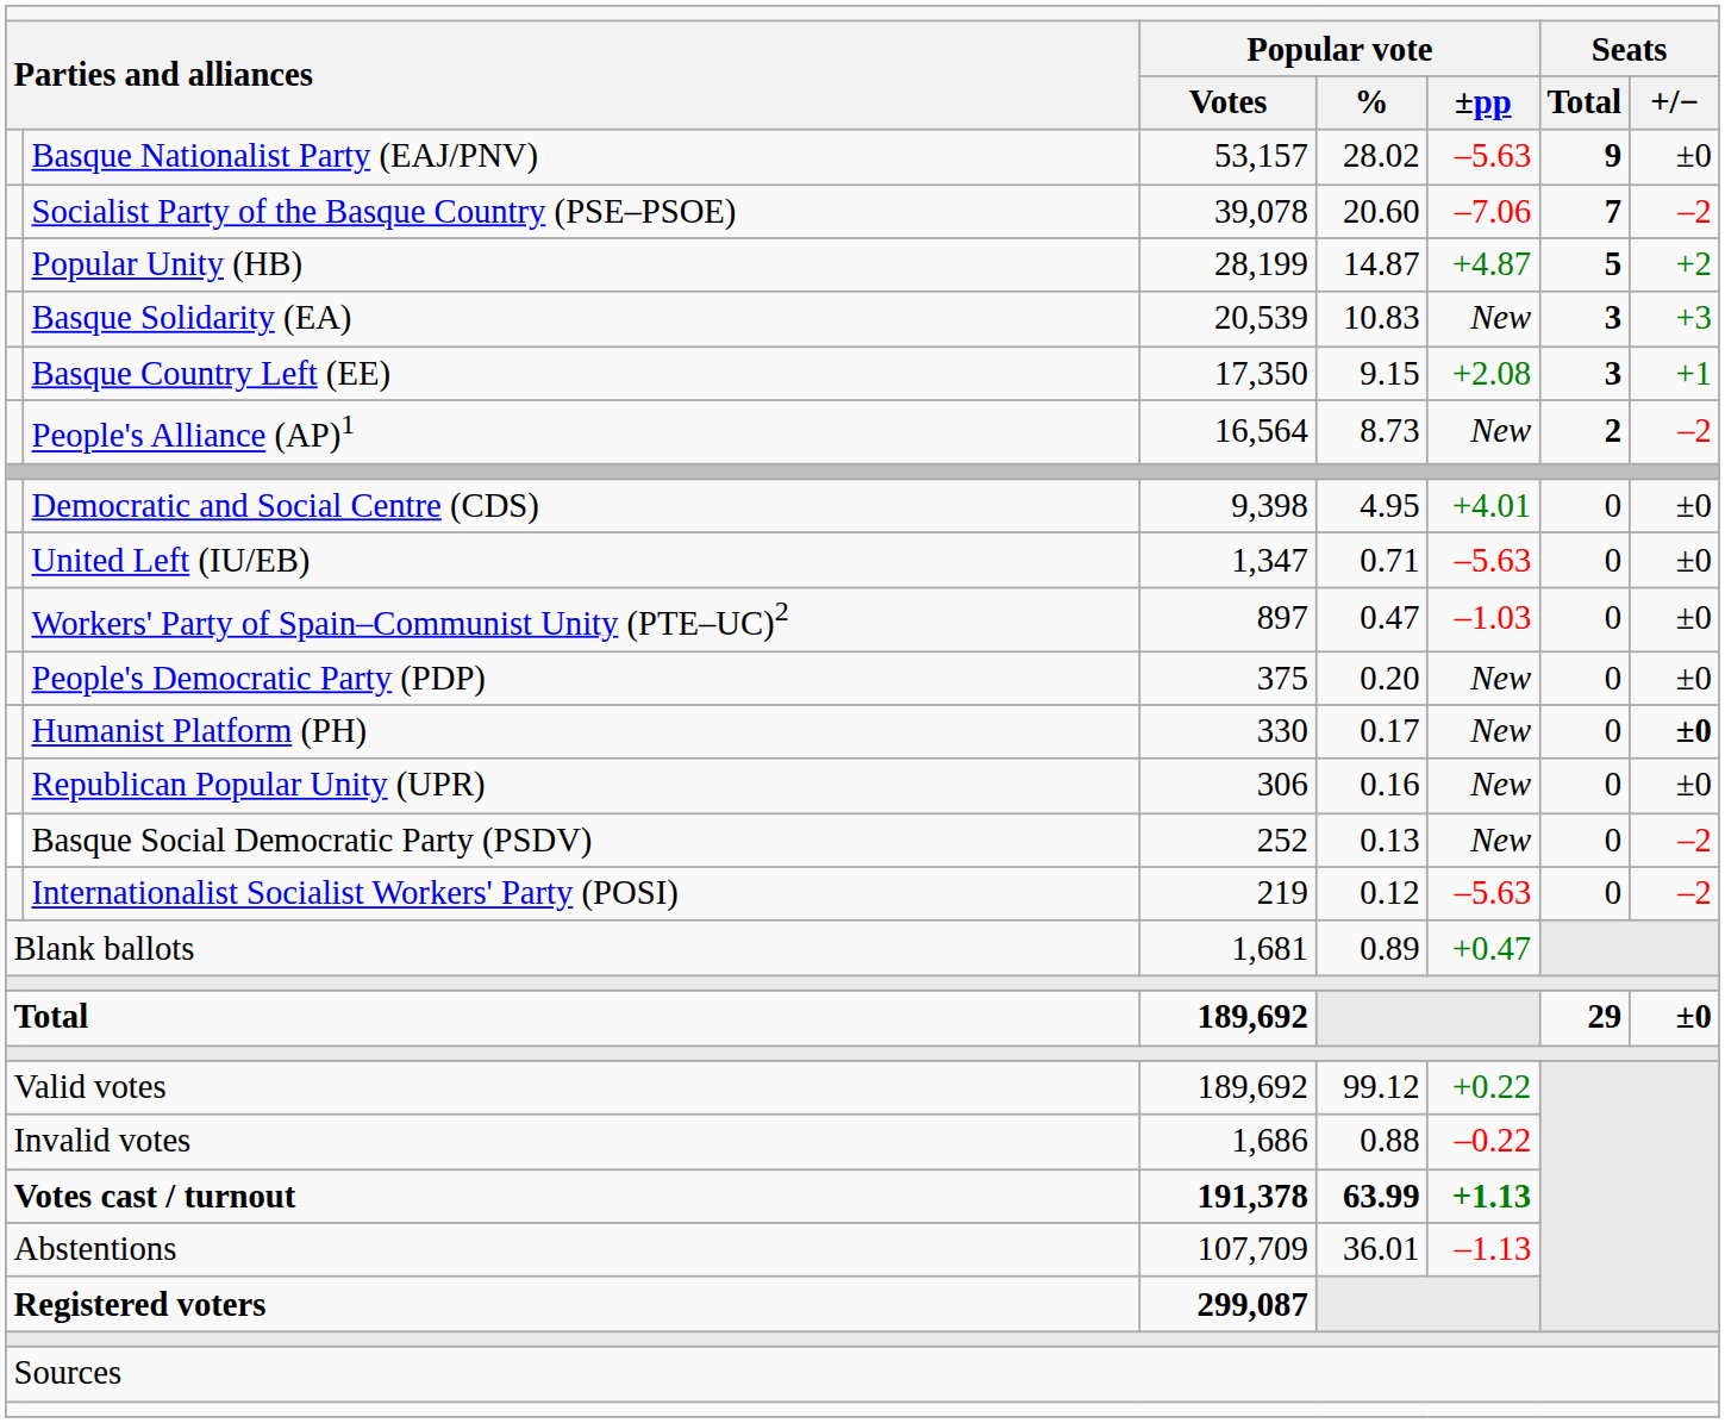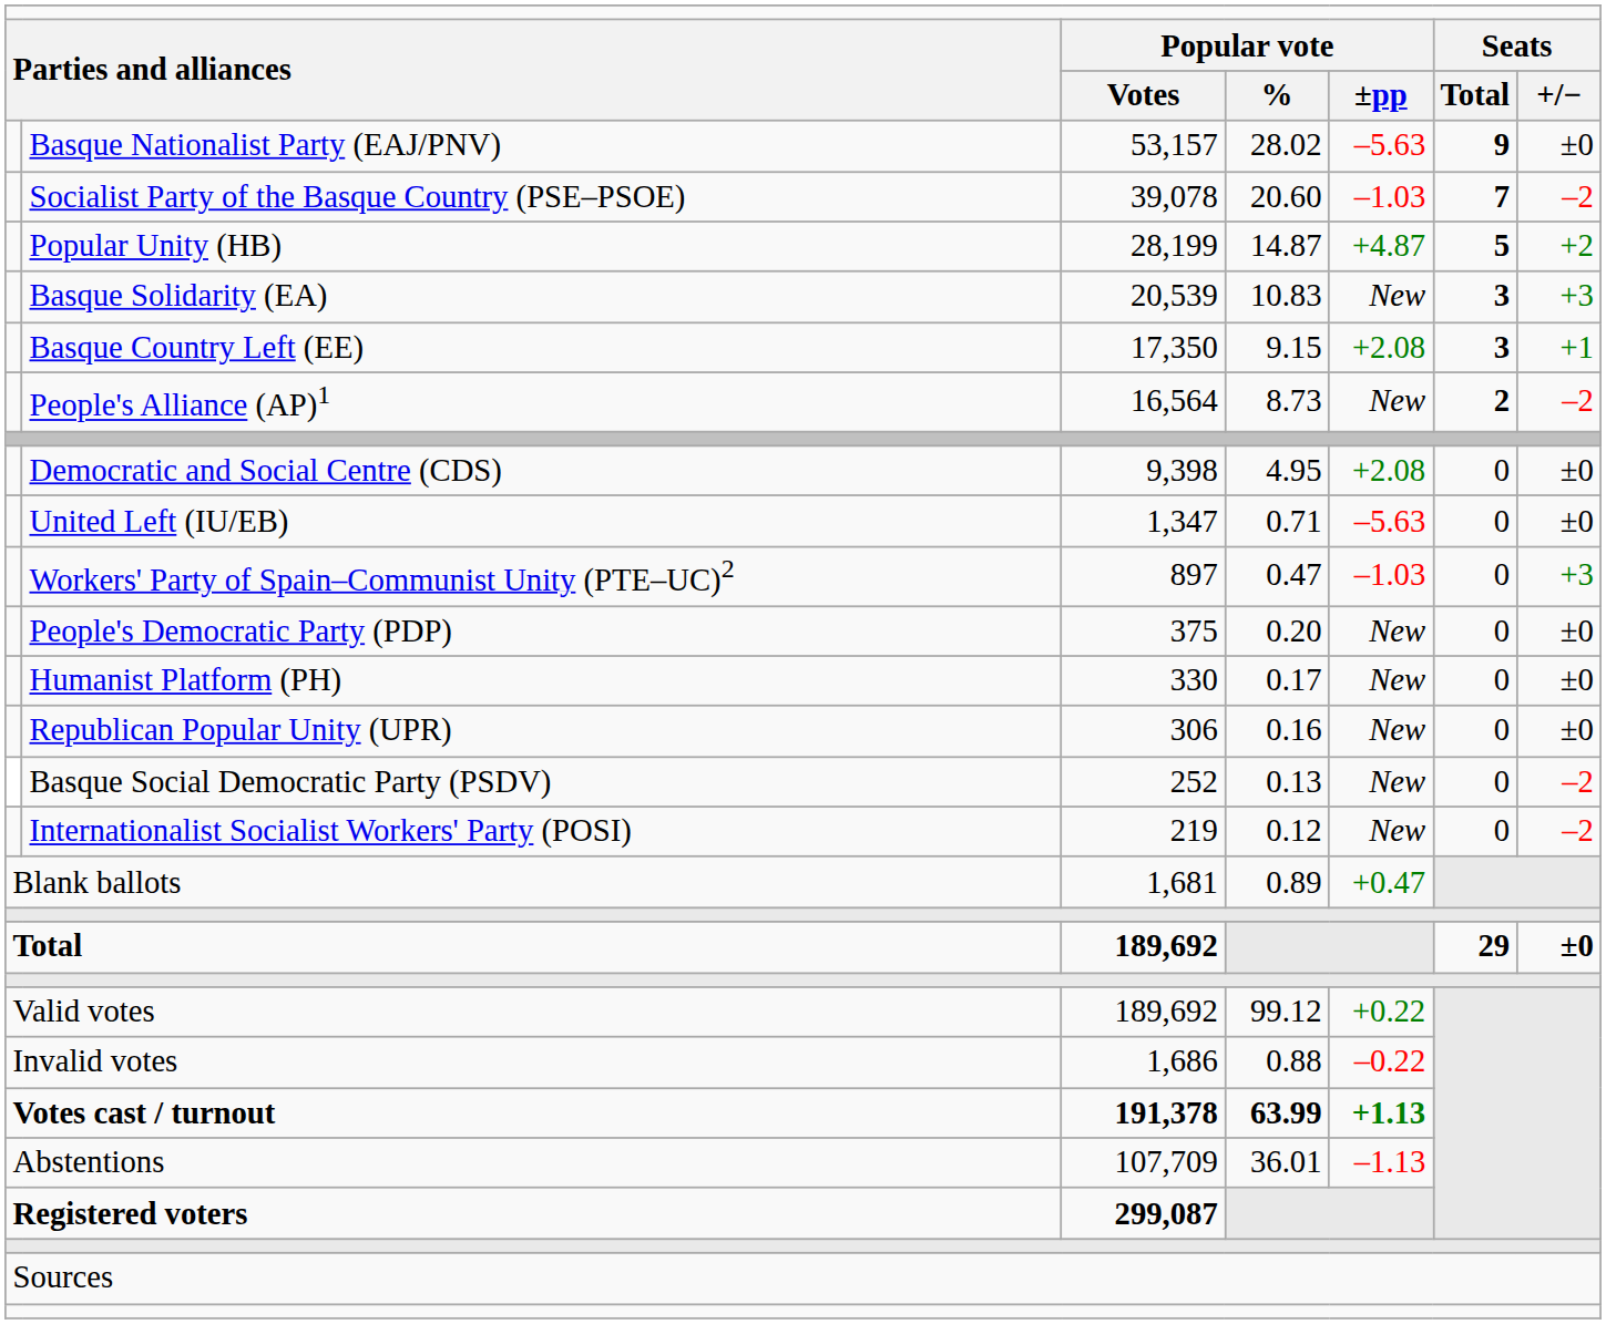 <table class="wikitable" style="text-align:right;">
 <tr>
 <td colspan="7"></td>
 </tr>
 <tr>
 <th style="text-align:left;" rowspan="2" colspan="2" width="525">Parties and alliances</th>
 <th colspan="3">Popular vote</th>
 <th colspan="2">Seats</th>
 </tr>
 <tr>
 <th width="75">Votes</th>
 <th width="45">%</th>
 <th width="45">±<a href='#'>pp</a></th>
 <th width="35">Total</th>
 <th width="35">+/−</th>
 </tr>
 <tr>
 <td width="1" style="color:inherit;background:"></td>
 <td align="left"><a href='#'>Basque Nationalist Party</a> (EAJ/PNV)</td>
 <td>53,157</td>
 <td>28.02</td>
 <td style="color:red;">–5.63</td>
 <td><strong>9</strong></td>
 <td>±0</td>
 </tr>
 <tr>
 <td style="color:inherit;background:"></td>
 <td align="left"><a href='#'>Socialist Party of the Basque Country</a> (PSE–PSOE)</td>
 <td>39,078</td>
 <td>20.60</td>
-<td style="color:red;">–7.06</td>
+<td style="color:red;">–1.03</td>
 <td><strong>7</strong></td>
 <td style="color:red;">–2</td>
 </tr>
 <tr>
 <td style="color:inherit;background:"></td>
 <td align="left"><a href='#'>Popular Unity</a> (HB)</td>
 <td>28,199</td>
 <td>14.87</td>
 <td style="color:green;">+4.87</td>
 <td><strong>5</strong></td>
 <td style="color:green;">+2</td>
 </tr>
 <tr>
 <td style="color:inherit;background:"></td>
 <td align="left"><a href='#'>Basque Solidarity</a> (EA)</td>
 <td>20,539</td>
 <td>10.83</td>
 <td><em>New</em></td>
 <td><strong>3</strong></td>
 <td style="color:green;">+3</td>
 </tr>
 <tr>
 <td style="color:inherit;background:"></td>
 <td align="left"><a href='#'>Basque Country Left</a> (EE)</td>
 <td>17,350</td>
 <td>9.15</td>
 <td style="color:green;">+2.08</td>
 <td><strong>3</strong></td>
 <td style="color:green;">+1</td>
 </tr>
 <tr>
 <td style="color:inherit;background:"></td>
 <td align="left"><a href='#'>People's Alliance</a> (AP)<sup>1</sup></td>
 <td>16,564</td>
 <td>8.73</td>
 <td><em>New</em></td>
 <td><strong>2</strong></td>
 <td style="color:red;">–2</td>
 </tr>
 <tr>
 <td colspan="7" bgcolor="#C0C0C0"></td>
 </tr>
 <tr>
 <td style="color:inherit;background:"></td>
 <td align="left"><a href='#'>Democratic and Social Centre</a> (CDS)</td>
 <td>9,398</td>
 <td>4.95</td>
-<td style="color:green;">+4.01</td>
+<td style="color:green;">+2.08</td>
 <td>0</td>
 <td>±0</td>
 </tr>
 <tr>
 <td style="color:inherit;background:"></td>
 <td align="left"><a href='#'>United Left</a> (IU/EB)</td>
 <td>1,347</td>
 <td>0.71</td>
 <td style="color:red;">–5.63</td>
 <td>0</td>
 <td>±0</td>
 </tr>
 <tr>
 <td style="color:inherit;background:"></td>
 <td align="left"><a href='#'>Workers' Party of Spain–Communist Unity</a> (PTE–UC)<sup>2</sup></td>
 <td>897</td>
 <td>0.47</td>
 <td style="color:red;">–1.03</td>
 <td>0</td>
-<td>±0</td>
+<td style="color:green;">+3</td>
 </tr>
 <tr>
 <td style="color:inherit;background:"></td>
 <td align="left"><a href='#'>People's Democratic Party</a> (PDP)</td>
 <td>375</td>
 <td>0.20</td>
 <td><em>New</em></td>
 <td>0</td>
 <td>±0</td>
 </tr>
 <tr>
 <td style="color:inherit;background:"></td>
 <td align="left"><a href='#'>Humanist Platform</a> (PH)</td>
 <td>330</td>
 <td>0.17</td>
 <td><em>New</em></td>
 <td>0</td>
-<td><strong>±0</strong></td>
+<td>±0</td>
 </tr>
 <tr>
 <td style="color:inherit;background:"></td>
 <td align="left"><a href='#'>Republican Popular Unity</a> (UPR)</td>
 <td>306</td>
 <td>0.16</td>
 <td><em>New</em></td>
 <td>0</td>
 <td>±0</td>
 </tr>
 <tr>
 <td bgcolor="white"></td>
 <td align="left">Basque Social Democratic Party (PSDV)</td>
 <td>252</td>
 <td>0.13</td>
 <td><em>New</em></td>
 <td>0</td>
 <td style="color:red;">–2</td>
 </tr>
 <tr>
 <td style="color:inherit;background:"></td>
 <td align="left"><a href='#'>Internationalist Socialist Workers' Party</a> (POSI)</td>
 <td>219</td>
 <td>0.12</td>
-<td style="color:red;">–5.63</td>
+<td><em>New</em></td>
 <td>0</td>
 <td style="color:red;">–2</td>
 </tr>
 <tr>
 <td align="left" colspan="2">Blank ballots</td>
 <td>1,681</td>
 <td>0.89</td>
 <td style="color:green;">+0.47</td>
 <td bgcolor="#E9E9E9" colspan="2"></td>
 </tr>
 <tr>
 <td colspan="7" bgcolor="#E9E9E9"></td>
 </tr>
 <tr style="font-weight:bold;">
 <td align="left" colspan="2">Total</td>
 <td>189,692</td>
 <td bgcolor="#E9E9E9" colspan="2"></td>
 <td>29</td>
 <td>±0</td>
 </tr>
 <tr>
 <td colspan="7" bgcolor="#E9E9E9"></td>
 </tr>
 <tr>
 <td align="left" colspan="2">Valid votes</td>
 <td>189,692</td>
 <td>99.12</td>
 <td style="color:green;">+0.22</td>
 <td bgcolor="#E9E9E9" colspan="2" rowspan="5"></td>
 </tr>
 <tr>
 <td align="left" colspan="2">Invalid votes</td>
 <td>1,686</td>
 <td>0.88</td>
 <td style="color:red;">–0.22</td>
 </tr>
 <tr style="font-weight:bold;">
 <td align="left" colspan="2">Votes cast / turnout</td>
 <td>191,378</td>
 <td>63.99</td>
 <td style="color:green;">+1.13</td>
 </tr>
 <tr>
 <td align="left" colspan="2">Abstentions</td>
 <td>107,709</td>
 <td>36.01</td>
 <td style="color:red;">–1.13</td>
 </tr>
 <tr style="font-weight:bold;">
 <td align="left" colspan="2">Registered voters</td>
 <td>299,087</td>
 <td bgcolor="#E9E9E9" colspan="2"></td>
 </tr>
 <tr>
 <td colspan="7" bgcolor="#E9E9E9"></td>
 </tr>
 <tr>
 <td align="left" colspan="7">Sources</td>
 </tr>
 <tr>
 <td colspan="7" style="text-align:left; max-width:790px;"></td>
 </tr>
 </table>
